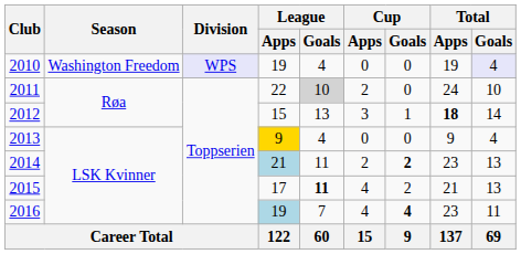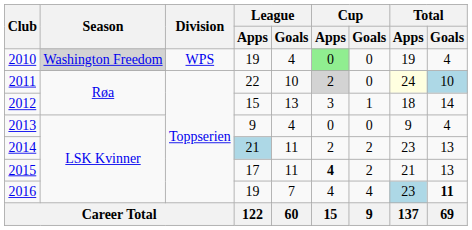 <table class="wikitable" style="text-align: center;">
 <tr>
 <th rowspan="2">Club</th>
 <th rowspan="2">Season</th>
 <th rowspan="2">Division</th>
 <th colspan="2">League</th>
 <th colspan="2">Cup</th>
 <th colspan="2">Total</th>
 </tr>
 <tr>
 <th>Apps</th>
 <th>Goals</th>
 <th>Apps</th>
 <th>Goals</th>
 <th>Apps</th>
 <th>Goals</th>
 </tr>
 <tr>
 <td><a href='#'>2010</a></td>
-<td rowspan="1" valign="center"><a href='#'>Washington Freedom</a></td>
-<td rowspan="1" valign="center" style="background: lavender;"><a href='#'>WPS</a></td>
+<td rowspan="1" valign="center" style="background: lightgrey;"><a href='#'>Washington Freedom</a></td>
+<td rowspan="1" valign="center"><a href='#'>WPS</a></td>
 <td>19</td>
 <td>4</td>
-<td>0</td>
+<td style="background: lightgreen;">0</td>
 <td>0</td>
 <td>19</td>
-<td style="background: lavender;">4</td>
+<td>4</td>
 </tr>
 <tr>
 <td><a href='#'>2011</a></td>
 <td rowspan="2" valign="center"><a href='#'>Røa</a></td>
 <td rowspan="6" valign="center"><a href='#'>Toppserien</a></td>
 <td>22</td>
-<td style="background: lightgrey;">10</td>
-<td>2</td>
+<td>10</td>
+<td style="background: lightgrey;">2</td>
 <td>0</td>
-<td>24</td>
-<td>10</td>
+<td style="background: lightyellow;">24</td>
+<td style="background: lightblue;">10</td>
 </tr>
 <tr>
 <td><a href='#'>2012</a></td>
 <td>15</td>
 <td>13</td>
 <td>3</td>
 <td>1</td>
-<td><strong>18</strong></td>
+<td>18</td>
 <td>14</td>
 </tr>
 <tr>
 <td><a href='#'>2013</a></td>
 <td rowspan="4" valign="center"><a href='#'>LSK Kvinner</a></td>
-<td style="background: gold;">9</td>
+<td>9</td>
 <td>4</td>
 <td>0</td>
 <td>0</td>
 <td>9</td>
 <td>4</td>
 </tr>
 <tr>
 <td><a href='#'>2014</a></td>
 <td style="background: lightblue;">21</td>
 <td>11</td>
 <td>2</td>
-<td><strong>2</strong></td>
+<td>2</td>
 <td>23</td>
 <td>13</td>
 </tr>
 <tr>
 <td><a href='#'>2015</a></td>
 <td>17</td>
-<td><strong>11</strong></td>
-<td>4</td>
+<td>11</td>
+<td><strong>4</strong></td>
 <td>2</td>
 <td>21</td>
 <td>13</td>
 </tr>
 <tr>
 <td><a href='#'>2016</a></td>
-<td style="background: lightblue;">19</td>
+<td>19</td>
 <td>7</td>
 <td>4</td>
-<td><strong>4</strong></td>
-<td>23</td>
-<td>11</td>
+<td>4</td>
+<td style="background: lightblue;">23</td>
+<td><strong>11</strong></td>
 </tr>
 <tr>
 <th colspan="3">Career Total</th>
 <th>122</th>
 <th>60</th>
 <th>15</th>
 <th>9</th>
 <th>137</th>
 <th>69</th>
 </tr>
 </table>
